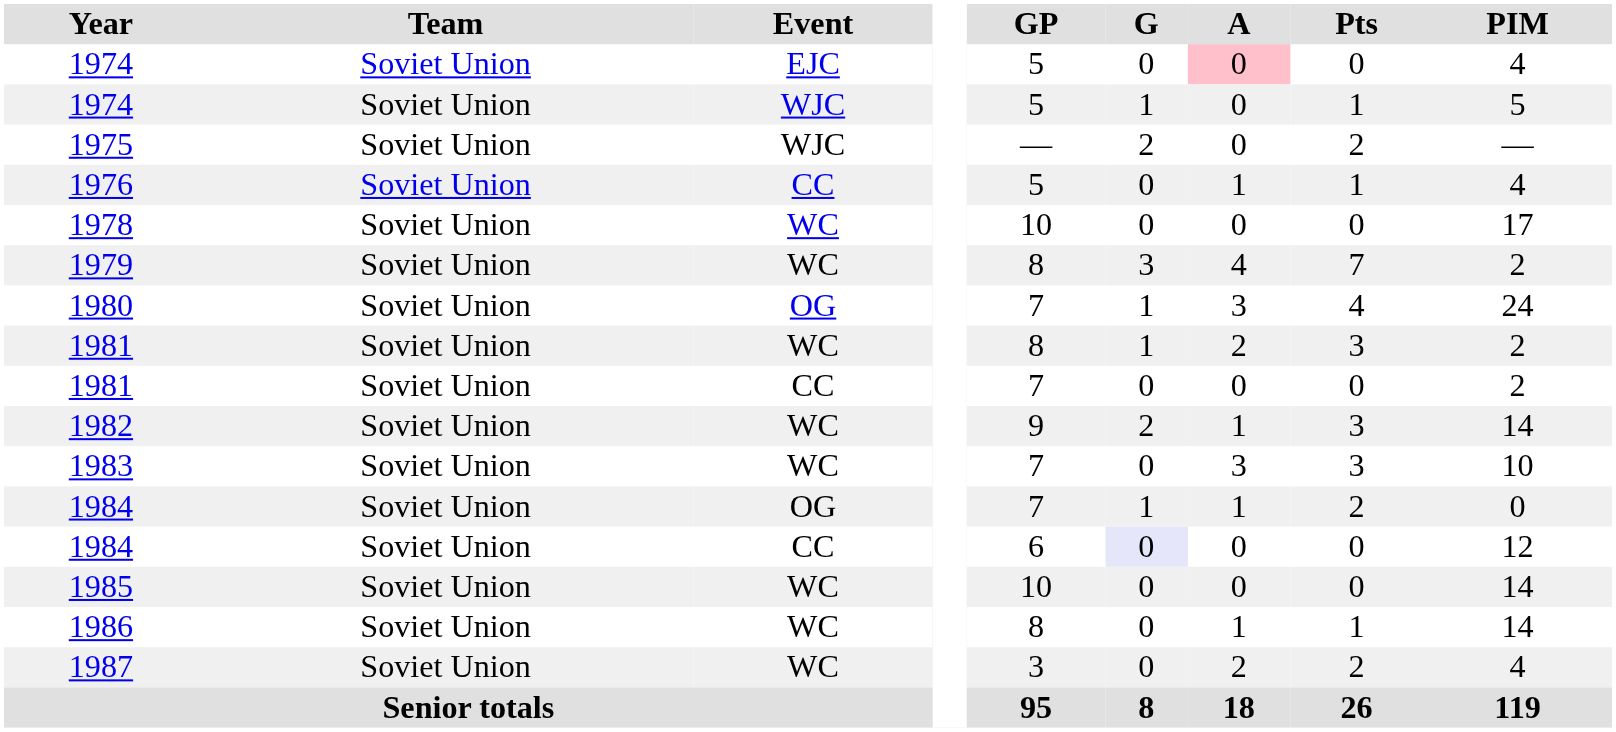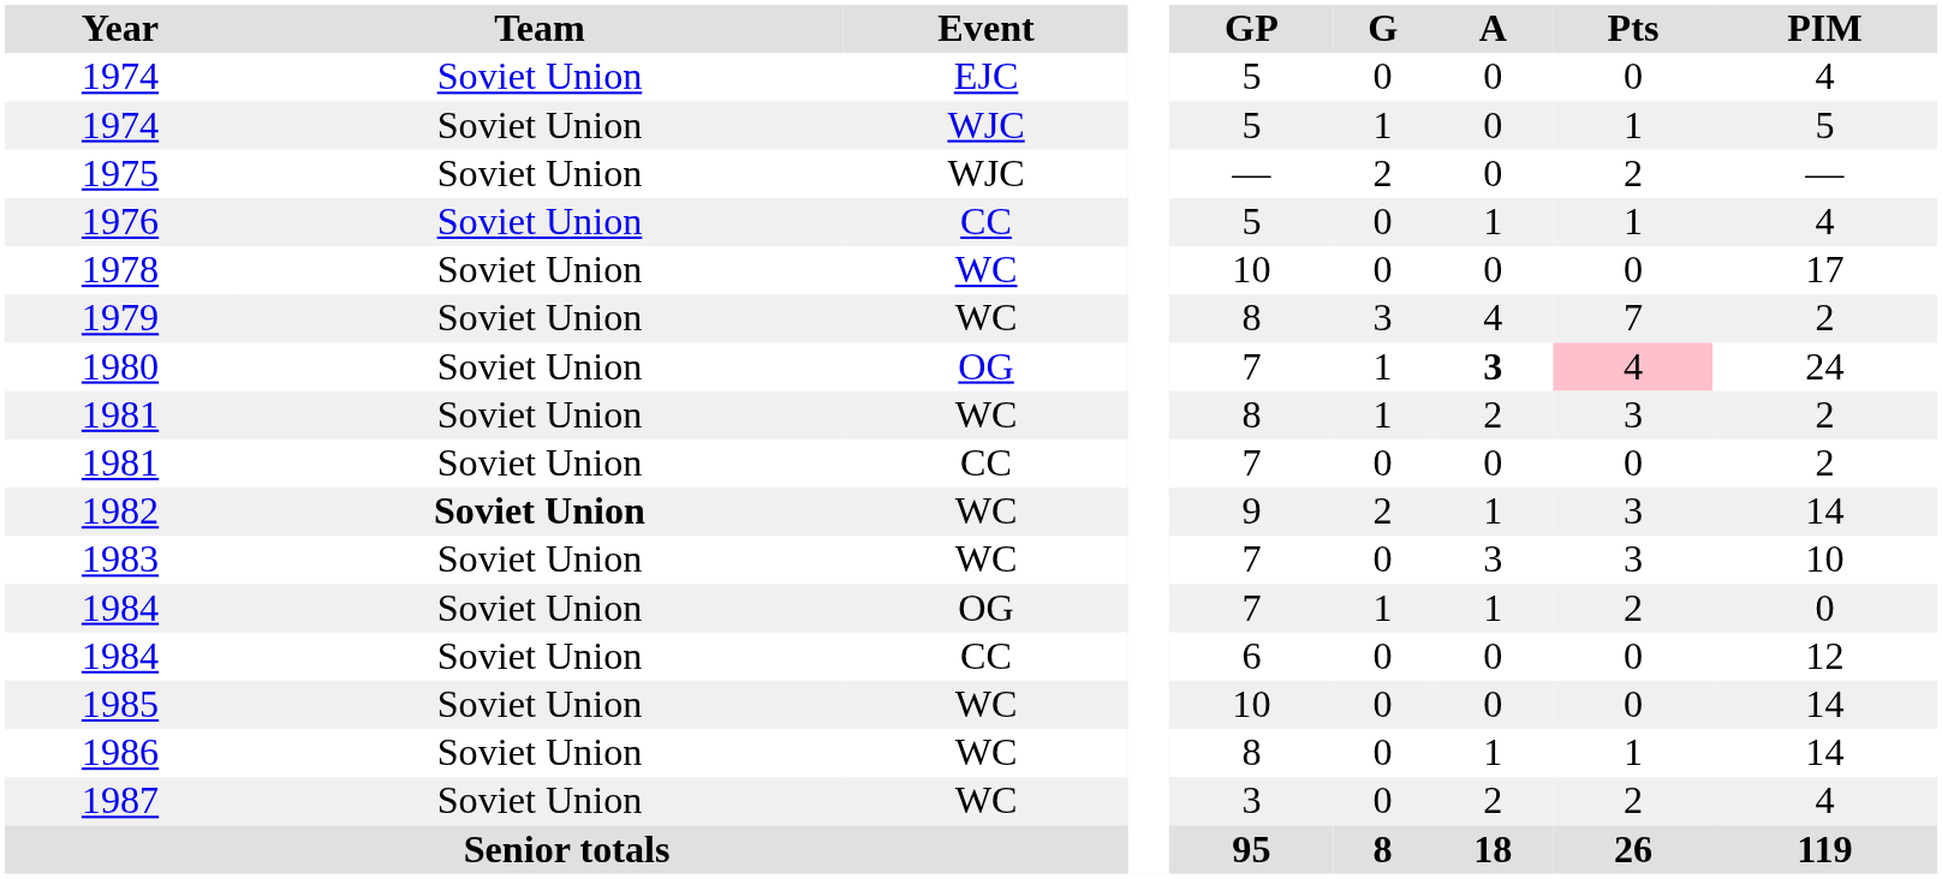 <table border="0" cellpadding="1" cellspacing="0" style="text-align:center; width:50em">
 <tr ALIGN="center" bgcolor="#e0e0e0">
 <th>Year</th>
 <th>Team</th>
 <th>Event</th>
 <th ALIGN="center" rowspan="99" bgcolor="#ffffff"> </th>
 <th>GP</th>
 <th>G</th>
 <th>A</th>
 <th>Pts</th>
 <th>PIM</th>
 </tr>
 <tr>
 <td><a href='#'>1974</a></td>
 <td><a href='#'>Soviet Union</a></td>
 <td><a href='#'>EJC</a></td>
 <td>5</td>
 <td>0</td>
-<td style="background: pink;">0</td>
+<td>0</td>
 <td>0</td>
 <td>4</td>
 </tr>
 <tr bgcolor="#f0f0f0">
 <td><a href='#'>1974</a></td>
 <td>Soviet Union</td>
 <td><a href='#'>WJC</a></td>
 <td>5</td>
 <td>1</td>
 <td>0</td>
 <td>1</td>
 <td>5</td>
 </tr>
 <tr>
 <td><a href='#'>1975</a></td>
 <td>Soviet Union</td>
 <td>WJC</td>
 <td>—</td>
 <td>2</td>
 <td>0</td>
 <td>2</td>
 <td>—</td>
 </tr>
 <tr bgcolor="#f0f0f0">
 <td><a href='#'>1976</a></td>
 <td><a href='#'>Soviet Union</a></td>
 <td><a href='#'>CC</a></td>
 <td>5</td>
 <td>0</td>
 <td>1</td>
 <td>1</td>
 <td>4</td>
 </tr>
 <tr>
 <td><a href='#'>1978</a></td>
 <td>Soviet Union</td>
 <td><a href='#'>WC</a></td>
 <td>10</td>
 <td>0</td>
 <td>0</td>
 <td>0</td>
 <td>17</td>
 </tr>
 <tr bgcolor="#f0f0f0">
 <td><a href='#'>1979</a></td>
 <td>Soviet Union</td>
 <td>WC</td>
 <td>8</td>
 <td>3</td>
 <td>4</td>
 <td>7</td>
 <td>2</td>
 </tr>
 <tr>
 <td><a href='#'>1980</a></td>
 <td>Soviet Union</td>
 <td><a href='#'>OG</a></td>
 <td>7</td>
 <td>1</td>
-<td>3</td>
-<td>4</td>
+<td><strong>3</strong></td>
+<td style="background: pink;">4</td>
 <td>24</td>
 </tr>
 <tr bgcolor="#f0f0f0">
 <td><a href='#'>1981</a></td>
 <td>Soviet Union</td>
 <td>WC</td>
 <td>8</td>
 <td>1</td>
 <td>2</td>
 <td>3</td>
 <td>2</td>
 </tr>
 <tr>
 <td><a href='#'>1981</a></td>
 <td>Soviet Union</td>
 <td>CC</td>
 <td>7</td>
 <td>0</td>
 <td>0</td>
 <td>0</td>
 <td>2</td>
 </tr>
 <tr bgcolor="#f0f0f0">
 <td><a href='#'>1982</a></td>
-<td>Soviet Union</td>
+<td><strong>Soviet Union</strong></td>
 <td>WC</td>
 <td>9</td>
 <td>2</td>
 <td>1</td>
 <td>3</td>
 <td>14</td>
 </tr>
 <tr>
 <td><a href='#'>1983</a></td>
 <td>Soviet Union</td>
 <td>WC</td>
 <td>7</td>
 <td>0</td>
 <td>3</td>
 <td>3</td>
 <td>10</td>
 </tr>
 <tr bgcolor="#f0f0f0">
 <td><a href='#'>1984</a></td>
 <td>Soviet Union</td>
 <td>OG</td>
 <td>7</td>
 <td>1</td>
 <td>1</td>
 <td>2</td>
 <td>0</td>
 </tr>
 <tr>
 <td><a href='#'>1984</a></td>
 <td>Soviet Union</td>
 <td>CC</td>
 <td>6</td>
-<td style="background: lavender;">0</td>
+<td>0</td>
 <td>0</td>
 <td>0</td>
 <td>12</td>
 </tr>
 <tr bgcolor="#f0f0f0">
 <td><a href='#'>1985</a></td>
 <td>Soviet Union</td>
 <td>WC</td>
 <td>10</td>
 <td>0</td>
 <td>0</td>
 <td>0</td>
 <td>14</td>
 </tr>
 <tr>
 <td><a href='#'>1986</a></td>
 <td>Soviet Union</td>
 <td>WC</td>
 <td>8</td>
 <td>0</td>
 <td>1</td>
 <td>1</td>
 <td>14</td>
 </tr>
 <tr bgcolor="#f0f0f0">
 <td><a href='#'>1987</a></td>
 <td>Soviet Union</td>
 <td>WC</td>
 <td>3</td>
 <td>0</td>
 <td>2</td>
 <td>2</td>
 <td>4</td>
 </tr>
 <tr bgcolor="#e0e0e0">
 <th colspan=3>Senior totals</th>
 <th>95</th>
 <th>8</th>
 <th>18</th>
 <th>26</th>
 <th>119</th>
 </tr>
 </table>
